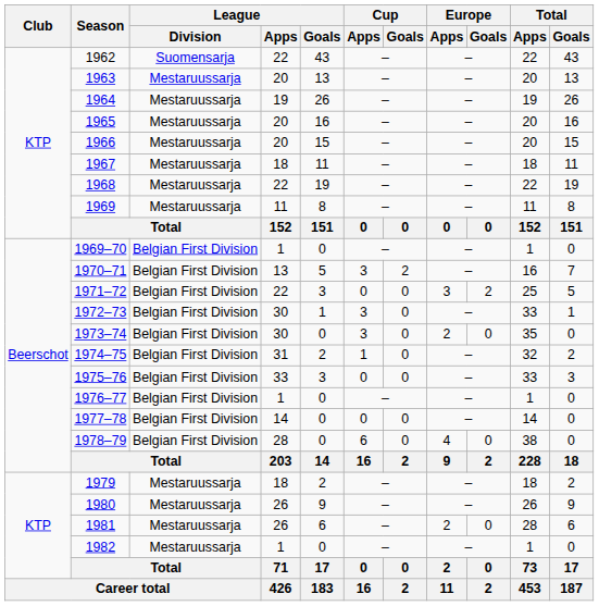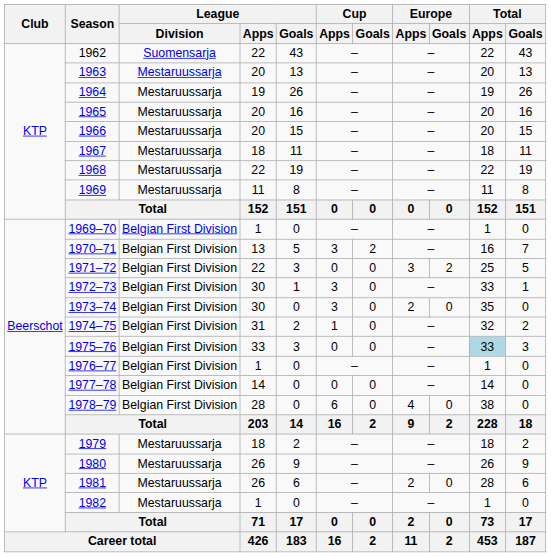 <table class="wikitable" style="text-align:center">
 <tr>
 <th rowspan="2">Club</th>
 <th rowspan="2">Season</th>
 <th colspan="3">League</th>
 <th colspan="2">Cup</th>
 <th colspan="2">Europe</th>
 <th colspan="2">Total</th>
 </tr>
 <tr>
 <th>Division</th>
 <th>Apps</th>
 <th>Goals</th>
 <th>Apps</th>
 <th>Goals</th>
 <th>Apps</th>
 <th>Goals</th>
 <th>Apps</th>
 <th>Goals</th>
 </tr>
 <tr>
 <td rowspan=9><a href='#'>KTP</a></td>
 <td>1962</td>
 <td><a href='#'>Suomensarja</a></td>
 <td>22</td>
 <td>43</td>
 <td colspan=2>–</td>
 <td colspan=2>–</td>
 <td>22</td>
 <td>43</td>
 </tr>
 <tr>
 <td><a href='#'>1963</a></td>
 <td><a href='#'>Mestaruussarja</a></td>
 <td>20</td>
 <td>13</td>
 <td colspan=2>–</td>
 <td colspan=2>–</td>
 <td>20</td>
 <td>13</td>
 </tr>
 <tr>
 <td><a href='#'>1964</a></td>
 <td>Mestaruussarja</td>
 <td>19</td>
 <td>26</td>
 <td colspan=2>–</td>
 <td colspan=2>–</td>
 <td>19</td>
 <td>26</td>
 </tr>
 <tr>
 <td><a href='#'>1965</a></td>
 <td>Mestaruussarja</td>
 <td>20</td>
 <td>16</td>
 <td colspan=2>–</td>
 <td colspan=2>–</td>
 <td>20</td>
 <td>16</td>
 </tr>
 <tr>
 <td><a href='#'>1966</a></td>
 <td>Mestaruussarja</td>
 <td>20</td>
 <td>15</td>
 <td colspan=2>–</td>
 <td colspan=2>–</td>
 <td>20</td>
 <td>15</td>
 </tr>
 <tr>
 <td><a href='#'>1967</a></td>
 <td>Mestaruussarja</td>
 <td>18</td>
 <td>11</td>
 <td colspan=2>–</td>
 <td colspan=2>–</td>
 <td>18</td>
 <td>11</td>
 </tr>
 <tr>
 <td><a href='#'>1968</a></td>
 <td>Mestaruussarja</td>
 <td>22</td>
 <td>19</td>
 <td colspan=2>–</td>
 <td colspan=2>–</td>
 <td>22</td>
 <td>19</td>
 </tr>
 <tr>
 <td><a href='#'>1969</a></td>
 <td>Mestaruussarja</td>
 <td>11</td>
 <td>8</td>
 <td colspan=2>–</td>
 <td colspan=2>–</td>
 <td>11</td>
 <td>8</td>
 </tr>
 <tr>
 <th colspan=2>Total</th>
 <th>152</th>
 <th>151</th>
 <th>0</th>
 <th>0</th>
 <th>0</th>
 <th>0</th>
 <th>152</th>
 <th>151</th>
 </tr>
 <tr>
 <td rowspan=11><a href='#'>Beerschot</a></td>
 <td><a href='#'>1969–70</a></td>
 <td><a href='#'>Belgian First Division</a></td>
 <td>1</td>
 <td>0</td>
 <td colspan=2>–</td>
 <td colspan=2>–</td>
 <td>1</td>
 <td>0</td>
 </tr>
 <tr>
 <td><a href='#'>1970–71</a></td>
 <td>Belgian First Division</td>
 <td>13</td>
 <td>5</td>
 <td>3</td>
 <td>2</td>
 <td colspan=2>–</td>
 <td>16</td>
 <td>7</td>
 </tr>
 <tr>
 <td><a href='#'>1971–72</a></td>
 <td>Belgian First Division</td>
 <td>22</td>
 <td>3</td>
 <td>0</td>
 <td>0</td>
 <td>3</td>
 <td>2</td>
 <td>25</td>
 <td>5</td>
 </tr>
 <tr>
 <td><a href='#'>1972–73</a></td>
 <td>Belgian First Division</td>
 <td>30</td>
 <td>1</td>
 <td>3</td>
 <td>0</td>
 <td colspan=2>–</td>
 <td>33</td>
 <td>1</td>
 </tr>
 <tr>
 <td><a href='#'>1973–74</a></td>
 <td>Belgian First Division</td>
 <td>30</td>
 <td>0</td>
 <td>3</td>
 <td>0</td>
 <td>2</td>
 <td>0</td>
 <td>35</td>
 <td>0</td>
 </tr>
 <tr>
 <td><a href='#'>1974–75</a></td>
 <td>Belgian First Division</td>
 <td>31</td>
 <td>2</td>
 <td>1</td>
 <td>0</td>
 <td colspan=2>–</td>
 <td>32</td>
 <td>2</td>
 </tr>
 <tr>
 <td><a href='#'>1975–76</a></td>
 <td>Belgian First Division</td>
 <td>33</td>
 <td>3</td>
 <td>0</td>
 <td>0</td>
 <td colspan=2>–</td>
-<td>33</td>
+<td style="background: lightblue;">33</td>
 <td>3</td>
 </tr>
 <tr>
 <td><a href='#'>1976–77</a></td>
 <td>Belgian First Division</td>
 <td>1</td>
 <td>0</td>
 <td colspan=2>–</td>
 <td colspan=2>–</td>
 <td>1</td>
 <td>0</td>
 </tr>
 <tr>
 <td><a href='#'>1977–78</a></td>
 <td>Belgian First Division</td>
 <td>14</td>
 <td>0</td>
 <td>0</td>
 <td>0</td>
 <td colspan=2>–</td>
 <td>14</td>
 <td>0</td>
 </tr>
 <tr>
 <td><a href='#'>1978–79</a></td>
 <td>Belgian First Division</td>
 <td>28</td>
 <td>0</td>
 <td>6</td>
 <td>0</td>
 <td>4</td>
 <td>0</td>
 <td>38</td>
 <td>0</td>
 </tr>
 <tr>
 <th colspan=2>Total</th>
 <th>203</th>
 <th>14</th>
 <th>16</th>
 <th>2</th>
 <th>9</th>
 <th>2</th>
 <th>228</th>
 <th>18</th>
 </tr>
 <tr>
 <td rowspan=5><a href='#'>KTP</a></td>
 <td><a href='#'>1979</a></td>
 <td>Mestaruussarja</td>
 <td>18</td>
 <td>2</td>
 <td colspan=2>–</td>
 <td colspan=2>–</td>
 <td>18</td>
 <td>2</td>
 </tr>
 <tr>
 <td><a href='#'>1980</a></td>
 <td>Mestaruussarja</td>
 <td>26</td>
 <td>9</td>
 <td colspan=2>–</td>
 <td colspan=2>–</td>
 <td>26</td>
 <td>9</td>
 </tr>
 <tr>
 <td><a href='#'>1981</a></td>
 <td>Mestaruussarja</td>
 <td>26</td>
 <td>6</td>
 <td colspan=2>–</td>
 <td>2</td>
 <td>0</td>
 <td>28</td>
 <td>6</td>
 </tr>
 <tr>
 <td><a href='#'>1982</a></td>
 <td>Mestaruussarja</td>
 <td>1</td>
 <td>0</td>
 <td colspan=2>–</td>
 <td colspan=2>–</td>
 <td>1</td>
 <td>0</td>
 </tr>
 <tr>
 <th colspan=2>Total</th>
 <th>71</th>
 <th>17</th>
 <th>0</th>
 <th>0</th>
 <th>2</th>
 <th>0</th>
 <th>73</th>
 <th>17</th>
 </tr>
 <tr>
 <th colspan="3">Career total</th>
 <th>426</th>
 <th>183</th>
 <th>16</th>
 <th>2</th>
 <th>11</th>
 <th>2</th>
 <th>453</th>
 <th>187</th>
 </tr>
 </table>
